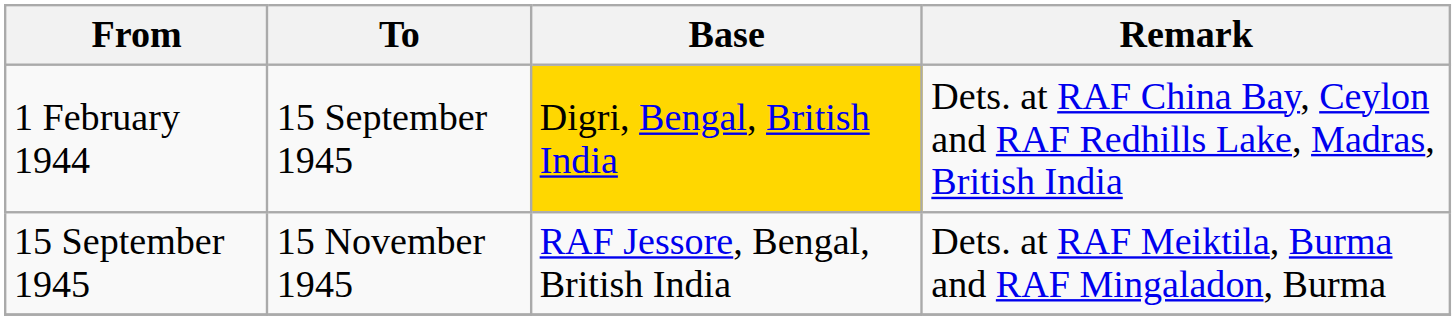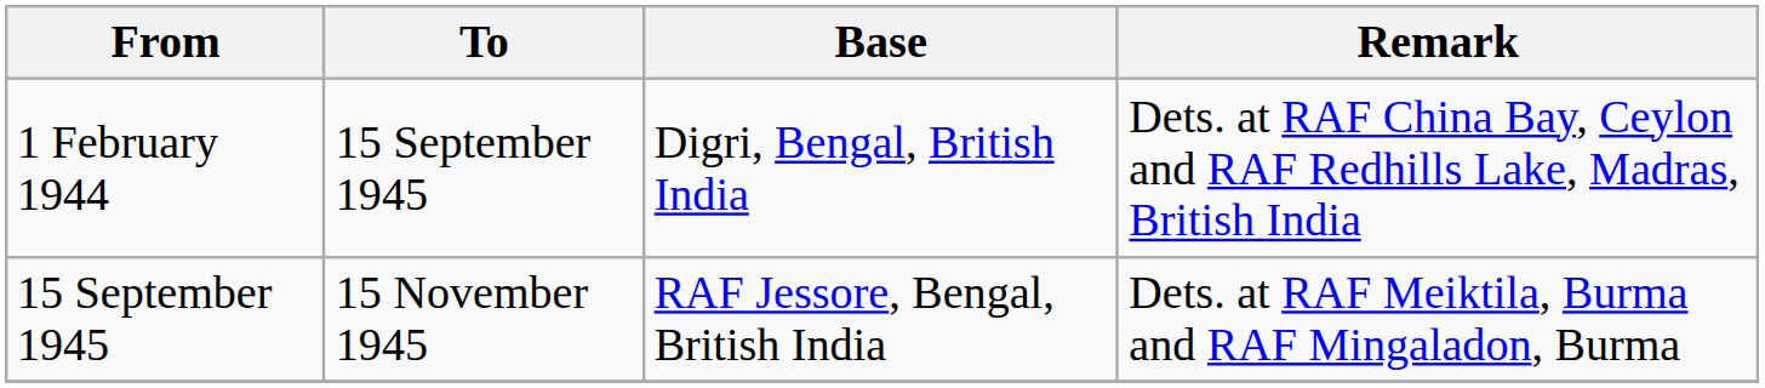 <table class="wikitable">
 <tr>
 <th>From</th>
 <th>To</th>
 <th>Base</th>
 <th>Remark</th>
 </tr>
 <tr>
 <td>1 February 1944</td>
 <td>15 September 1945</td>
-<td style="background: gold;">Digri, <a href='#'>Bengal</a>, <a href='#'>British India</a></td>
+<td>Digri, <a href='#'>Bengal</a>, <a href='#'>British India</a></td>
 <td>Dets. at <a href='#'>RAF China Bay</a>, <a href='#'>Ceylon</a><br> and <a href='#'>RAF Redhills Lake</a>, <a href='#'>Madras</a>, <a href='#'>British India</a></td>
 </tr>
 <tr>
 <td>15 September 1945</td>
 <td>15 November 1945</td>
 <td><a href='#'>RAF Jessore</a>, Bengal, British India</td>
 <td>Dets. at <a href='#'>RAF Meiktila</a>, <a href='#'>Burma</a><br> and <a href='#'>RAF Mingaladon</a>, Burma</td>
 </tr>
 <tr>
 </tr>
 </table>
